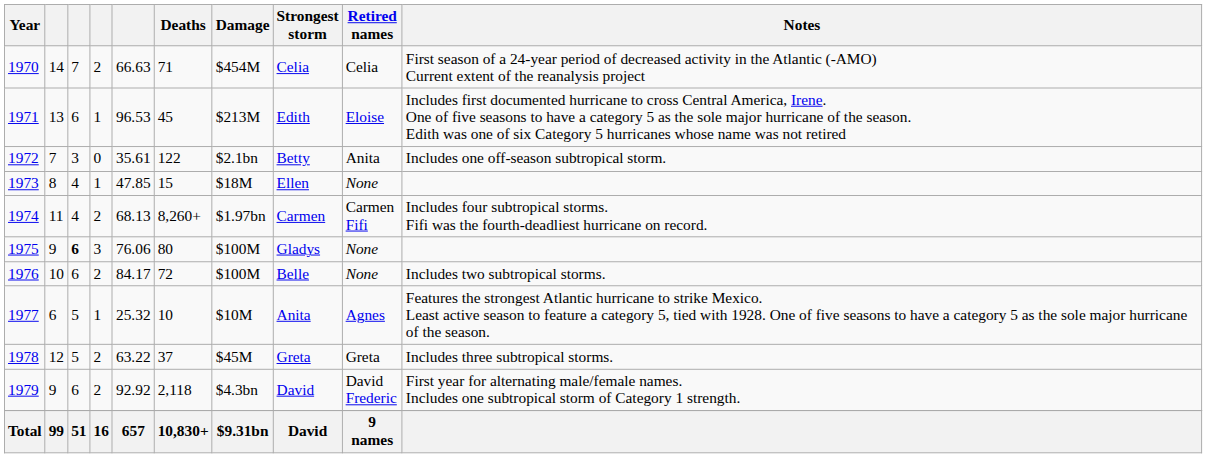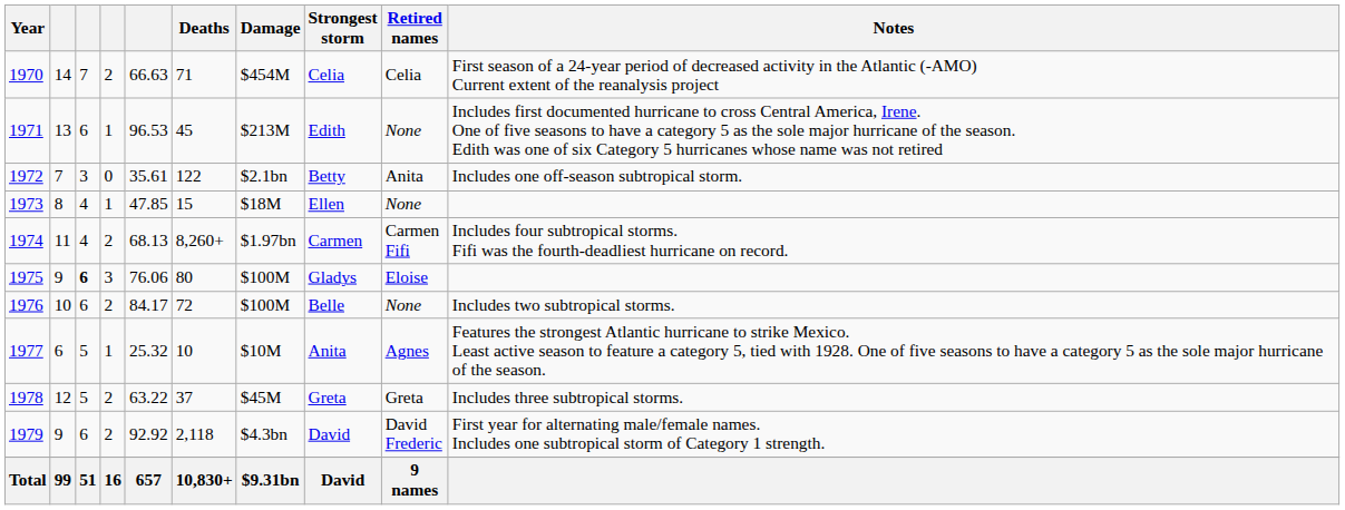 <table class="wikitable sortable">
 <tr>
 <th>Year</th>
 <th></th>
 <th></th>
 <th></th>
 <th></th>
 <th>Deaths</th>
 <th>Damage</th>
 <th>Strongest<br>storm</th>
 <th><a href='#'>Retired</a><br>names</th>
 <th>Notes</th>
 </tr>
 <tr>
 <td><a href='#'>1970</a></td>
 <td>14</td>
 <td>7</td>
 <td>2</td>
 <td>66.63</td>
 <td>71</td>
 <td>$454M</td>
 <td> <a href='#'>Celia</a></td>
 <td> Celia</td>
 <td>First season of a 24-year period of decreased activity in the Atlantic (-AMO)<br>Current extent of the reanalysis project </td>
 </tr>
 <tr>
 <td><a href='#'>1971</a></td>
 <td>13</td>
 <td>6</td>
 <td>1</td>
 <td>96.53</td>
 <td>45</td>
 <td>$213M</td>
 <td> <a href='#'>Edith</a></td>
-<td> <a href='#'>Eloise</a></td>
+<td><em>None</em></td>
 <td>Includes first documented hurricane to cross Central America, <a href='#'>Irene</a>.<br>One of five seasons to have a category 5 as the sole major hurricane of the season.<br>Edith was one of six Category 5 hurricanes whose name was not retired</td>
 </tr>
 <tr>
 <td><a href='#'>1972</a></td>
 <td>7</td>
 <td>3</td>
 <td>0</td>
 <td>35.61</td>
 <td>122</td>
 <td>$2.1bn</td>
 <td> <a href='#'>Betty</a></td>
 <td> Anita</td>
 <td>Includes one off-season subtropical storm.</td>
 </tr>
 <tr>
 <td><a href='#'>1973</a></td>
 <td>8</td>
 <td>4</td>
 <td>1</td>
 <td>47.85</td>
 <td>15</td>
 <td>$18M</td>
 <td> <a href='#'>Ellen</a></td>
 <td><em>None</em></td>
 <td></td>
 </tr>
 <tr>
 <td><a href='#'>1974</a></td>
 <td>11</td>
 <td>4</td>
 <td>2</td>
 <td>68.13</td>
 <td>8,260+</td>
 <td>$1.97bn</td>
 <td> <a href='#'>Carmen</a></td>
 <td> Carmen<br> <a href='#'>Fifi</a></td>
 <td>Includes four subtropical storms.<br>Fifi was the fourth-deadliest hurricane on record.</td>
 </tr>
 <tr>
 <td><a href='#'>1975</a></td>
 <td>9</td>
 <td><strong>6</strong></td>
 <td>3</td>
 <td>76.06</td>
 <td>80</td>
 <td>$100M</td>
 <td> <a href='#'>Gladys</a></td>
-<td><em>None</em></td>
+<td> <a href='#'>Eloise</a></td>
 <td></td>
 </tr>
 <tr>
 <td><a href='#'>1976</a></td>
 <td>10</td>
 <td>6</td>
 <td>2</td>
 <td>84.17</td>
 <td>72</td>
 <td>$100M</td>
 <td> <a href='#'>Belle</a></td>
 <td><em>None</em></td>
 <td>Includes two subtropical storms.</td>
 </tr>
 <tr>
 <td><a href='#'>1977</a></td>
 <td>6</td>
 <td>5</td>
 <td>1</td>
 <td>25.32</td>
 <td>10</td>
 <td>$10M</td>
 <td> <a href='#'>Anita</a></td>
 <td> <a href='#'>Agnes</a></td>
 <td>Features the strongest Atlantic hurricane to strike Mexico.<br>Least active season to feature a category 5, tied with 1928.  One of five seasons to have a category 5 as the sole major hurricane of the season.</td>
 </tr>
 <tr>
 <td><a href='#'>1978</a></td>
 <td>12</td>
 <td>5</td>
 <td>2</td>
 <td>63.22</td>
 <td>37</td>
 <td>$45M</td>
 <td> <a href='#'>Greta</a></td>
 <td> Greta</td>
 <td>Includes three subtropical storms.</td>
 </tr>
 <tr>
 <td><a href='#'>1979</a></td>
 <td>9</td>
 <td>6</td>
 <td>2</td>
 <td>92.92</td>
 <td>2,118</td>
 <td>$4.3bn</td>
 <td> <a href='#'>David</a></td>
 <td> David<br> <a href='#'>Frederic</a></td>
 <td>First year for alternating male/female names.<br>Includes one subtropical storm of Category 1 strength.</td>
 </tr>
 <tr>
 </tr>
 <tr class="sortbottom">
 <th>Total</th>
 <th>99</th>
 <th>51</th>
 <th>16</th>
 <th>657</th>
 <th>10,830+</th>
 <th>$9.31bn</th>
 <th>David</th>
 <th>9 names</th>
 <th></th>
 </tr>
 </table>
